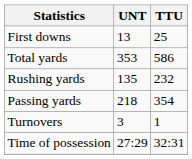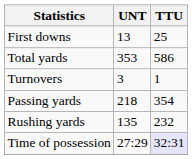 <table class="wikitable" style="float: left;">
 <tr>
 <th>Statistics</th>
 <th>UNT</th>
 <th>TTU</th>
 </tr>
 <tr>
 <td>First downs</td>
 <td>13</td>
 <td>25</td>
 </tr>
 <tr>
 <td>Total yards</td>
 <td>353</td>
 <td>586</td>
 </tr>
 <tr>
-<td>Rushing yards</td>
-<td>135</td>
-<td>232</td>
+<td>Turnovers</td>
+<td>3</td>
+<td>1</td>
 </tr>
 <tr>
 <td>Passing yards</td>
 <td>218</td>
 <td>354</td>
 </tr>
 <tr>
-<td>Turnovers</td>
-<td>3</td>
-<td>1</td>
+<td>Rushing yards</td>
+<td>135</td>
+<td>232</td>
 </tr>
 <tr>
 <td>Time of possession</td>
 <td>27:29</td>
-<td>32:31</td>
+<td style="background: lavender;">32:31</td>
 </tr>
 <tr>
 </tr>
 </table>
